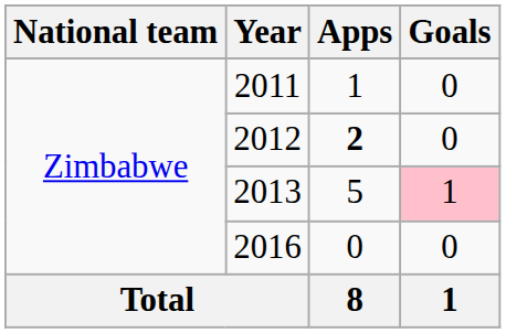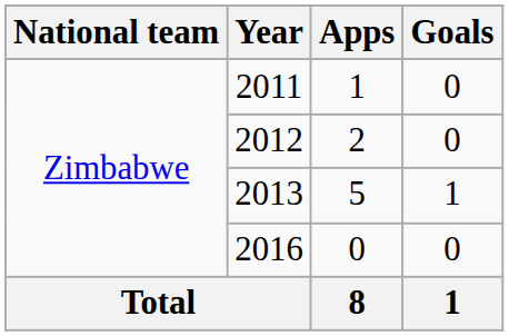 <table class="wikitable" style="text-align:center">
 <tr>
 <th>National team</th>
 <th>Year</th>
 <th>Apps</th>
 <th>Goals</th>
 </tr>
 <tr>
 <td rowspan="4"><a href='#'>Zimbabwe</a></td>
 <td>2011</td>
 <td>1</td>
 <td>0</td>
 </tr>
 <tr>
 <td>2012</td>
-<td><strong>2</strong></td>
+<td>2</td>
 <td>0</td>
 </tr>
 <tr>
 <td>2013</td>
 <td>5</td>
-<td style="background: pink;">1</td>
+<td>1</td>
 </tr>
 <tr>
 <td>2016</td>
 <td>0</td>
 <td>0</td>
 </tr>
 <tr>
 <th colspan=2>Total</th>
 <th>8</th>
 <th>1</th>
 </tr>
 </table>
